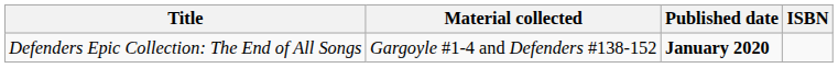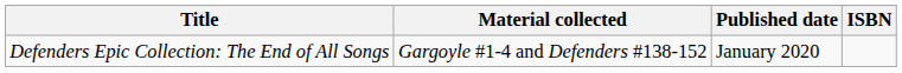 <table class="wikitable">
 <tr>
 <th>Title</th>
 <th>Material collected</th>
 <th>Published date</th>
 <th>ISBN</th>
 </tr>
 <tr>
 <td><em>Defenders Epic Collection: The End of All Songs</em></td>
 <td><em>Gargoyle</em> #1-4 and <em>Defenders</em> #138-152</td>
-<td><strong>January 2020</strong></td>
+<td>January 2020</td>
 <td></td>
 </tr>
 </table>
